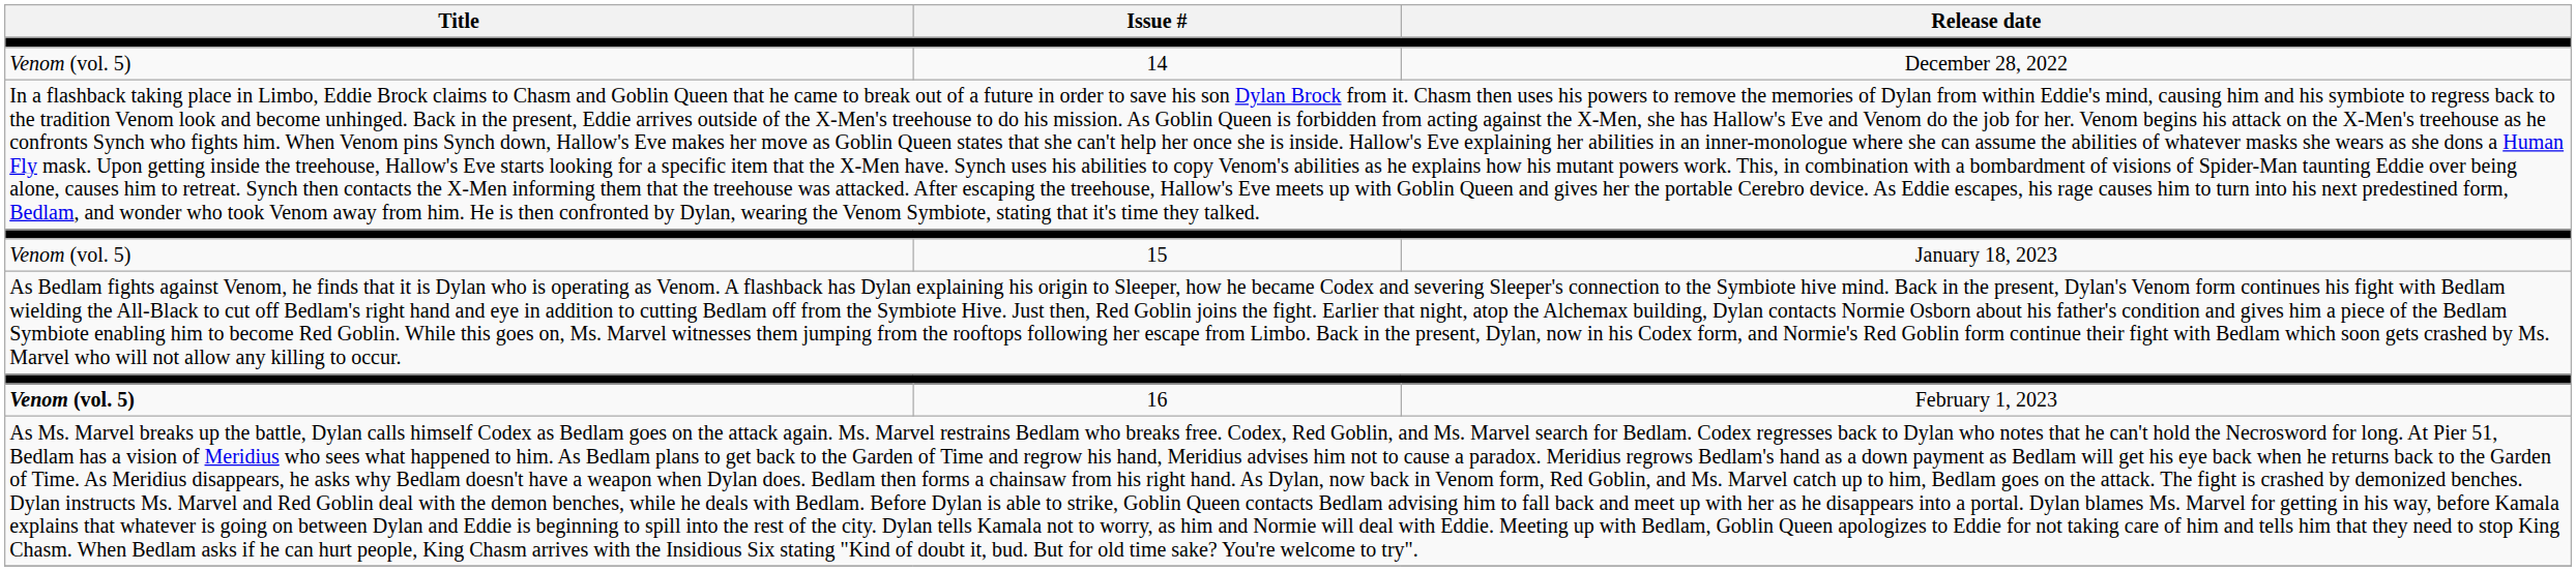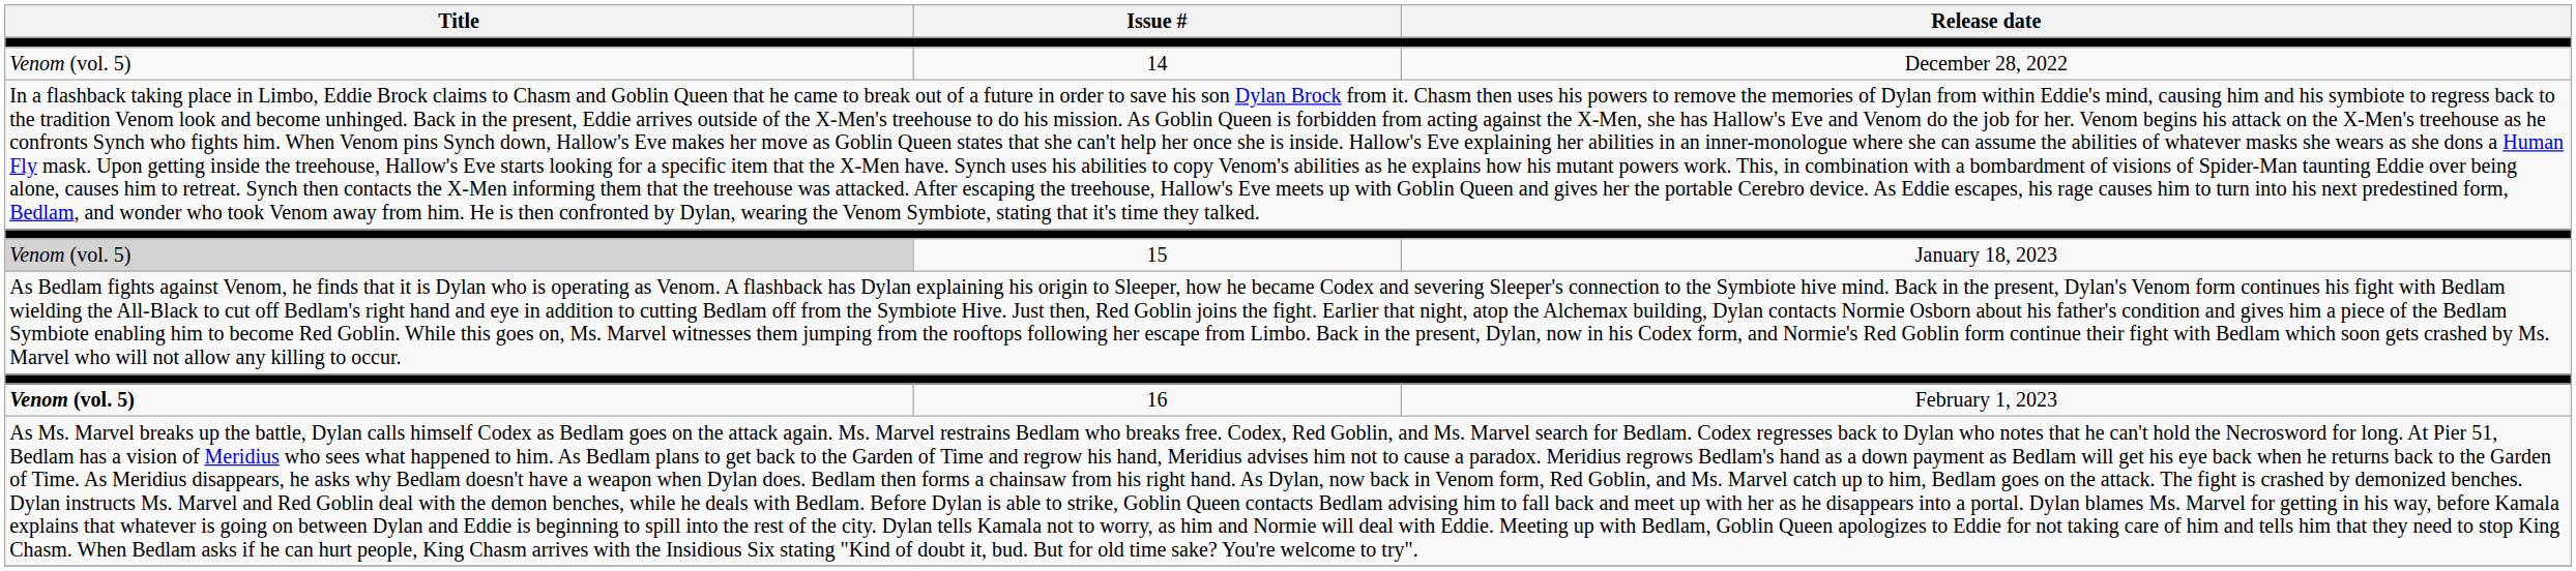 <table class="wikitable" style="width:100%;">
 <tr>
 <th>Title</th>
 <th>Issue #</th>
 <th>Release date</th>
 </tr>
 <tr>
 <td colspan="6" style="background:black"></td>
 </tr>
 <tr>
 <td><em>Venom</em> (vol. 5)</td>
 <td style="text-align:center;">14</td>
 <td style="text-align:center;">December 28, 2022</td>
 </tr>
 <tr>
 <td colspan="6">In a flashback taking place in Limbo, Eddie Brock claims to Chasm and Goblin Queen that he came to break out of a future in order to save his son <a href='#'>Dylan Brock</a> from it. Chasm then uses his powers to remove the memories of Dylan from within Eddie's mind, causing him and his symbiote to regress back to the tradition Venom look and become unhinged. Back in the present, Eddie arrives outside of the X-Men's treehouse to do his mission. As Goblin Queen is forbidden from acting against the X-Men, she has Hallow's Eve and Venom do the job for her. Venom begins his attack on the X-Men's treehouse as he confronts Synch who fights him. When Venom pins Synch down, Hallow's Eve makes her move as Goblin Queen states that she can't help her once she is inside. Hallow's Eve explaining her abilities in an inner-monologue where she can assume the abilities of whatever masks she wears as she dons a <a href='#'>Human Fly</a> mask. Upon getting inside the treehouse, Hallow's Eve starts looking for a specific item that the X-Men have. Synch uses his abilities to copy Venom's abilities as he explains how his mutant powers work. This, in combination with a bombardment of visions of Spider-Man taunting Eddie over being alone, causes him to retreat. Synch then contacts the X-Men informing them that the treehouse was attacked. After escaping the treehouse, Hallow's Eve meets up with Goblin Queen and gives her the portable Cerebro device. As Eddie escapes, his rage causes him to turn into his next predestined form, <a href='#'>Bedlam</a>, and wonder who took Venom away from him. He is then confronted by Dylan, wearing the Venom Symbiote, stating that it's time they talked.</td>
 </tr>
 <tr>
 <td colspan="6" style="background:black"></td>
 </tr>
 <tr>
-<td><em>Venom</em> (vol. 5)</td>
+<td style="background: lightgrey;"><em>Venom</em> (vol. 5)</td>
 <td style="text-align:center;">15</td>
 <td style="text-align:center;">January 18, 2023</td>
 </tr>
 <tr>
 <td colspan="6">As Bedlam fights against Venom, he finds that it is Dylan who is operating as Venom. A flashback has Dylan explaining his origin to Sleeper, how he became Codex and severing Sleeper's connection to the Symbiote hive mind. Back in the present, Dylan's Venom form continues his fight with Bedlam wielding the All-Black to cut off Bedlam's right hand and eye in addition to cutting Bedlam off from the Symbiote Hive. Just then, Red Goblin joins the fight. Earlier that night, atop the Alchemax building, Dylan contacts Normie Osborn about his father's condition and gives him a piece of the Bedlam Symbiote enabling him to become Red Goblin. While this goes on, Ms. Marvel witnesses them jumping from the rooftops following her escape from Limbo. Back in the present, Dylan, now in his Codex form, and Normie's Red Goblin form continue their fight with Bedlam which soon gets crashed by Ms. Marvel who will not allow any killing to occur.</td>
 </tr>
 <tr>
 <td colspan="6" style="background:black"></td>
 </tr>
 <tr>
 <td><strong><em>Venom</em> (vol. 5)</strong></td>
 <td style="text-align:center;">16</td>
 <td style="text-align:center;">February 1, 2023</td>
 </tr>
 <tr>
 <td colspan="6">As Ms. Marvel breaks up the battle, Dylan calls himself Codex as Bedlam goes on the attack again. Ms. Marvel restrains Bedlam who breaks free. Codex, Red Goblin, and Ms. Marvel search for Bedlam. Codex regresses back to Dylan who notes that he can't hold the Necrosword for long. At Pier 51, Bedlam has a vision of <a href='#'>Meridius</a> who sees what happened to him. As Bedlam plans to get back to the Garden of Time and regrow his hand, Meridius advises him not to cause a paradox. Meridius regrows Bedlam's hand as a down payment as Bedlam will get his eye back when he returns back to the Garden of Time. As Meridius disappears, he asks why Bedlam doesn't have a weapon when Dylan does. Bedlam then forms a chainsaw from his right hand. As Dylan, now back in Venom form, Red Goblin, and Ms. Marvel catch up to him, Bedlam goes on the attack. The fight is crashed by demonized benches. Dylan instructs Ms. Marvel and Red Goblin deal with the demon benches, while he deals with Bedlam. Before Dylan is able to strike, Goblin Queen contacts Bedlam advising him to fall back and meet up with her as he disappears into a portal. Dylan blames Ms. Marvel for getting in his way, before Kamala explains that whatever is going on between Dylan and Eddie is beginning to spill into the rest of the city. Dylan tells Kamala not to worry, as him and Normie will deal with Eddie. Meeting up with Bedlam, Goblin Queen apologizes to Eddie for not taking care of him and tells him that they need to stop King Chasm. When Bedlam asks if he can hurt people, King Chasm arrives with the Insidious Six stating "Kind of doubt it, bud. But for old time sake? You're welcome to try".</td>
 </tr>
 <tr>
 </tr>
 </table>
